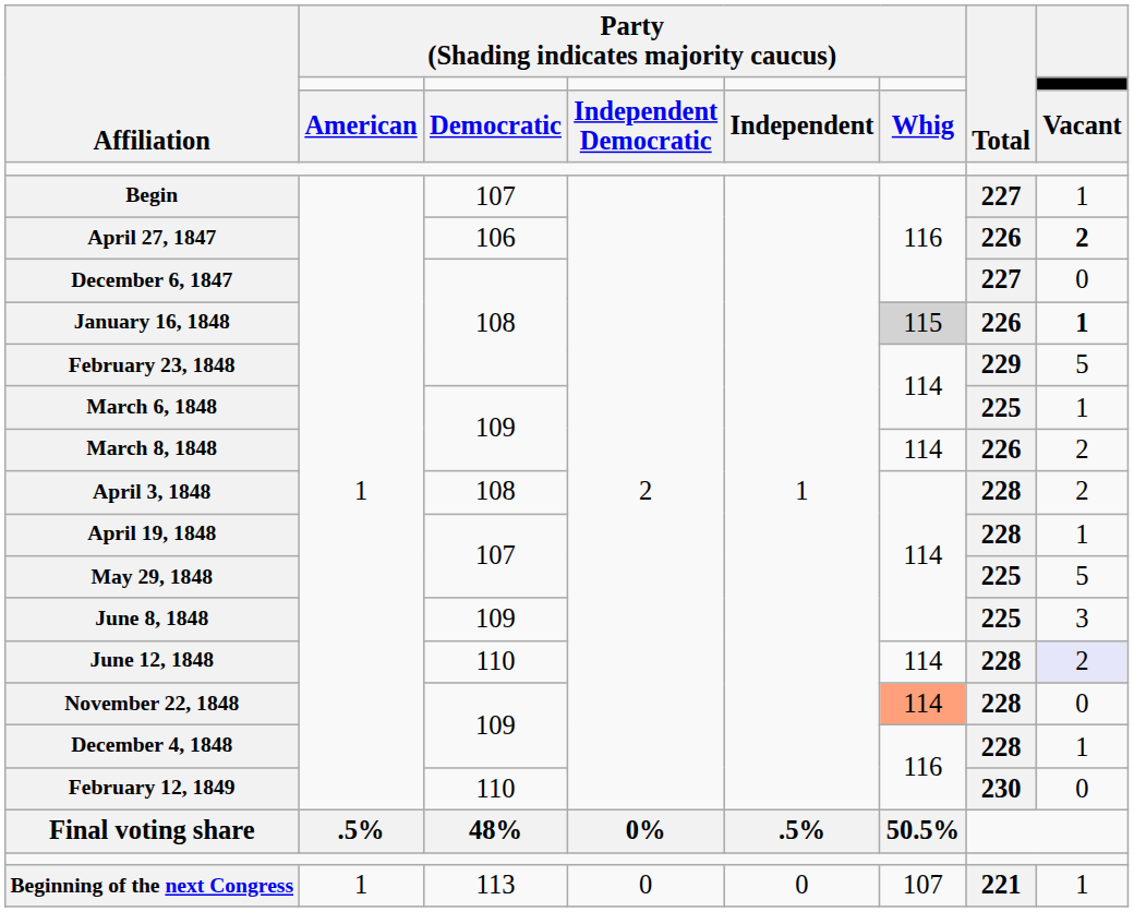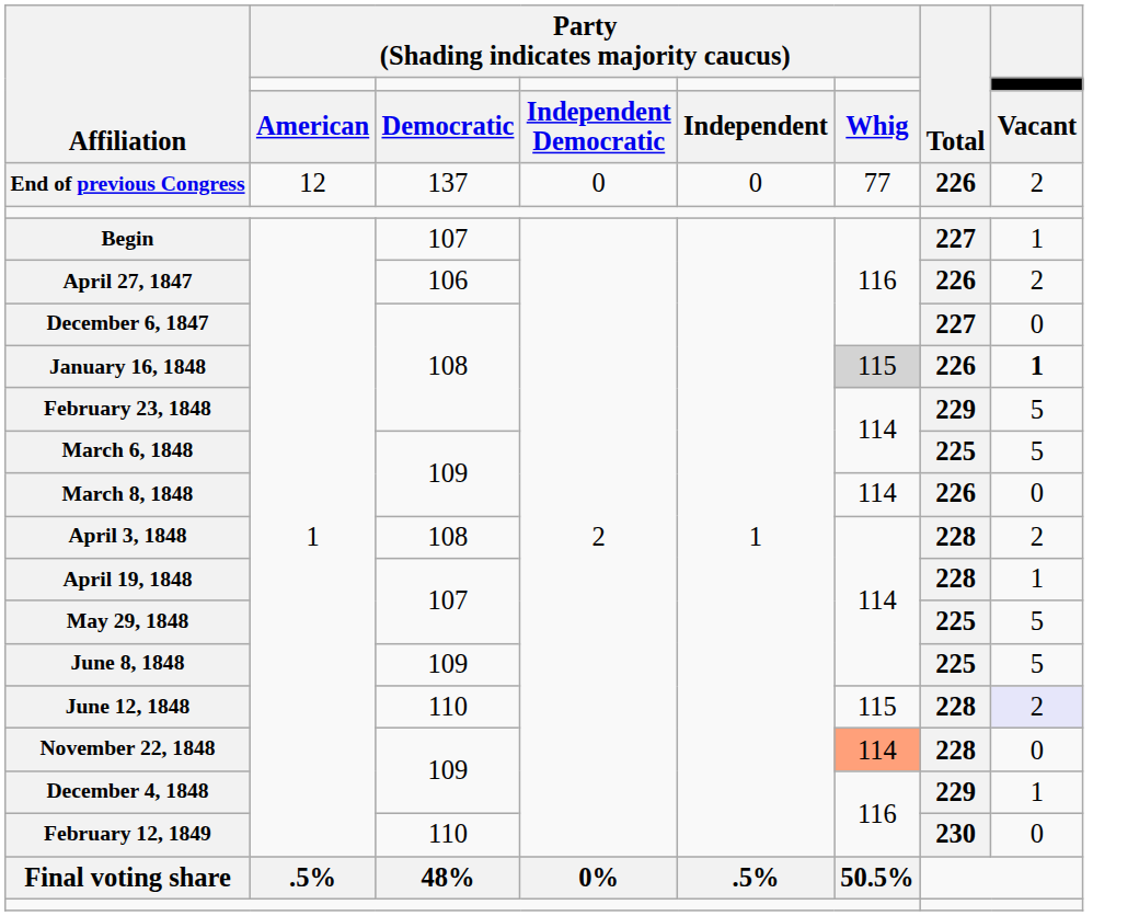 <table class="wikitable" style="text-align:center">
 <tr style="vertical-align:bottom">
 <th rowspan=3>Affiliation</th>
 <th colspan=5>Party <div>(Shading indicates majority caucus)</div></th>
 <th rowspan=3>Total</th>
 <th></th>
 </tr>
 <tr style="height:5px">
 <td style="background-color:"></td>
 <td style="background-color:"></td>
 <td style="background color:"></td>
 <td style="background-color:"></td>
 <td style="background-color:"></td>
 <td style="background-color:black"></td>
 </tr>
 <tr>
 <th><a href='#'>American</a></th>
 <th><a href='#'>Democratic</a></th>
 <th><a href='#'>Independent <br> Democratic</a></th>
 <th>Independent</th>
 <th><a href='#'>Whig</a></th>
 <th>Vacant</th>
 </tr>
 <tr>
+<th nowrap style="font-size:80%">End of <a href='#'>previous Congress</a></th>
+<td>12</td>
+<td>137</td>
+<td>0</td>
+<td>0</td>
+<td>77</td>
+<th>226</th>
+<td>2</td>
+</tr>
+<tr>
 <td colspan=6></td>
 </tr>
 <tr>
 <th nowrap style="font-size:80%">Begin</th>
 <td rowspan=15>1</td>
 <td>107</td>
 <td rowspan=15>2</td>
 <td rowspan=15>1</td>
 <td rowspan=3 >116</td>
 <th>227</th>
 <td>1</td>
 </tr>
 <tr style="text-align:center">
 <th nowrap style="font-size:80%">April 27, 1847</th>
 <td>106</td>
 <th>226</th>
-<td><strong>2</strong></td>
+<td>2</td>
 </tr>
 <tr style="text-align:center">
 <th nowrap style="font-size:80%">December 6, 1847</th>
 <td rowspan=3>108</td>
 <th>227</th>
 <td>0</td>
 </tr>
 <tr style="text-align:center">
 <th nowrap style="font-size:80%">January 16, 1848</th>
 <td style="background: lightgrey;">115</td>
 <th>226</th>
 <td><strong>1</strong></td>
 </tr>
 <tr style="text-align:center">
 <th nowrap style="font-size:80%">February 23, 1848</th>
 <td rowspan=2 >114</td>
 <th>229</th>
 <td>5</td>
 </tr>
 <tr style="text-align:center">
 <th nowrap style="font-size:80%">March 6, 1848</th>
 <td rowspan=2>109</td>
 <th>225</th>
-<td>1</td>
+<td>5</td>
 </tr>
 <tr style="text-align:center">
 <th nowrap style="font-size:80%">March 8, 1848</th>
 <td>114</td>
 <th>226</th>
-<td>2</td>
+<td>0</td>
 </tr>
 <tr style="text-align:center">
 <th nowrap style="font-size:80%">April 3, 1848</th>
 <td>108</td>
 <td rowspan=4 >114</td>
 <th>228</th>
 <td>2</td>
 </tr>
 <tr style="text-align:center">
 <th nowrap style="font-size:80%">April 19, 1848</th>
 <td rowspan=2>107</td>
 <th>228</th>
 <td>1</td>
 </tr>
 <tr style="text-align:center">
 <th nowrap style="font-size:80%">May 29, 1848</th>
 <th>225</th>
 <td>5</td>
 </tr>
 <tr style="text-align:center">
 <th nowrap style="font-size:80%">June 8, 1848</th>
 <td>109</td>
 <th>225</th>
-<td>3</td>
+<td>5</td>
 </tr>
 <tr style="text-align:center">
 <th nowrap style="font-size:80%">June 12, 1848</th>
 <td>110</td>
-<td>114</td>
+<td>115</td>
 <th>228</th>
 <td style="background: lavender;">2</td>
 </tr>
 <tr style="text-align:center">
 <th nowrap style="font-size:80%">November 22, 1848</th>
 <td rowspan=2>109</td>
 <td style="background: lightsalmon;">114</td>
 <th>228</th>
 <td>0</td>
 </tr>
 <tr style="text-align:center">
 <th nowrap style="font-size:80%">December 4, 1848</th>
 <td rowspan=2 >116</td>
-<th>228</th>
+<th>229</th>
 <td>1</td>
 </tr>
 <tr style="text-align:center">
 <th nowrap style="font-size:80%">February 12, 1849</th>
 <td>110</td>
 <th>230</th>
 <td>0</td>
 </tr>
 <tr style="text-align:center">
 <th>Final voting share</th>
 <th>.5%</th>
 <th>48%</th>
 <th>0%</th>
 <th>.5%</th>
 <th>50.5%</th>
 <td colspan=2></td>
 </tr>
 <tr>
 <td colspan=6></td>
 </tr>
-<tr>
-<th nowrap style="font-size:80%">Beginning of the <a href='#'>next Congress</a></th>
-<td>1</td>
-<td>113</td>
-<td>0</td>
-<td>0</td>
-<td>107</td>
-<th>221</th>
-<td>1</td>
-</tr>
 </table>
